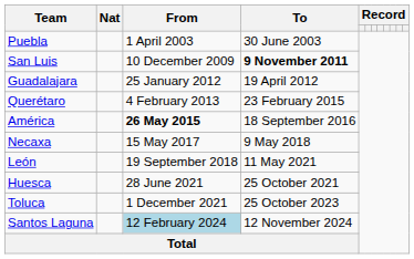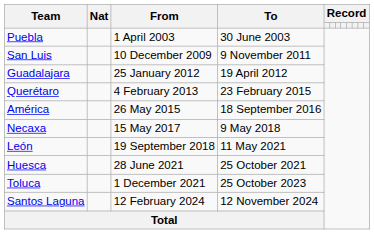 <table class="wikitable" style="text-align: center">
 <tr>
 <th rowspan=2>Team</th>
 <th rowspan=2>Nat</th>
 <th rowspan=2>From</th>
 <th rowspan=2>To</th>
 <th colspan=8>Record</th>
 </tr>
 <tr>
 <th></th>
 <th></th>
 <th></th>
 <th></th>
 <th></th>
 <th></th>
 <th></th>
 <th></th>
 </tr>
 <tr>
 <td align="left"><a href='#'>Puebla</a></td>
 <td></td>
 <td align="left">1 April 2003</td>
 <td align="left">30 June 2003<br></td>
 </tr>
 <tr>
 <td align="left"><a href='#'>San Luis</a></td>
 <td></td>
 <td align="left">10 December 2009</td>
-<td align="left"><strong>9 November 2011<br></strong></td>
+<td align="left">9 November 2011<br></td>
 </tr>
 <tr>
 <td align="left"><a href='#'>Guadalajara</a></td>
 <td></td>
 <td align="left">25 January 2012</td>
 <td align="left">19 April 2012<br></td>
 </tr>
 <tr>
 <td align="left"><a href='#'>Querétaro</a></td>
 <td></td>
 <td align="left">4 February 2013</td>
 <td align="left">23 February 2015<br></td>
 </tr>
 <tr>
 <td align="left"><a href='#'>América</a></td>
 <td></td>
-<td align="left"><strong>26 May 2015</strong></td>
+<td align="left">26 May 2015</td>
 <td align="left">18 September 2016<br></td>
 </tr>
 <tr>
 <td align="left"><a href='#'>Necaxa</a></td>
 <td></td>
 <td align="left">15 May 2017</td>
 <td align="left">9 May 2018<br></td>
 </tr>
 <tr>
 <td align="left"><a href='#'>León</a></td>
 <td></td>
 <td align="left">19 September 2018</td>
 <td align="left">11 May 2021<br></td>
 </tr>
 <tr>
 <td align="left"><a href='#'>Huesca</a></td>
 <td></td>
 <td align="left">28 June 2021</td>
 <td align="left">25 October 2021<br></td>
 </tr>
 <tr>
 <td align="left"><a href='#'>Toluca</a></td>
 <td></td>
 <td align="left">1 December 2021</td>
 <td align="left">25 October 2023<br></td>
 </tr>
 <tr>
 <td align="left"><a href='#'>Santos Laguna</a></td>
 <td></td>
-<td align="left" style="background: lightblue;">12 February 2024</td>
+<td align="left">12 February 2024</td>
 <td align="left">12 November 2024<br></td>
 </tr>
 <tr>
 <th colspan=4>Total<br></th>
 </tr>
 </table>
